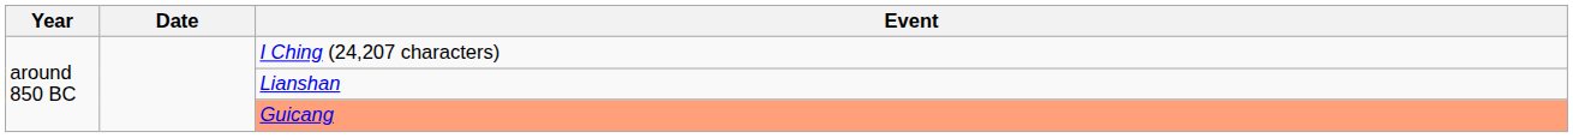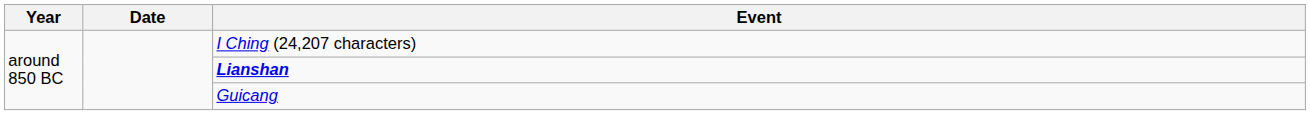 <table class="wikitable" style="width:100%;">
 <tr>
 <th style="width:6%">Year</th>
 <th style="width:10%">Date</th>
 <th>Event</th>
 </tr>
 <tr>
 <td rowspan="3">around 850 BC</td>
 <td rowspan="3"></td>
 <td><em><a href='#'>I Ching</a></em> (24,207 characters)</td>
 </tr>
 <tr>
-<td><em><a href='#'>Lianshan</a></em></td>
+<td><strong><em><a href='#'>Lianshan</a></em></strong></td>
 </tr>
 <tr>
-<td style="background: lightsalmon;"><em><a href='#'>Guicang</a></em></td>
+<td><em><a href='#'>Guicang</a></em></td>
 </tr>
 </table>
